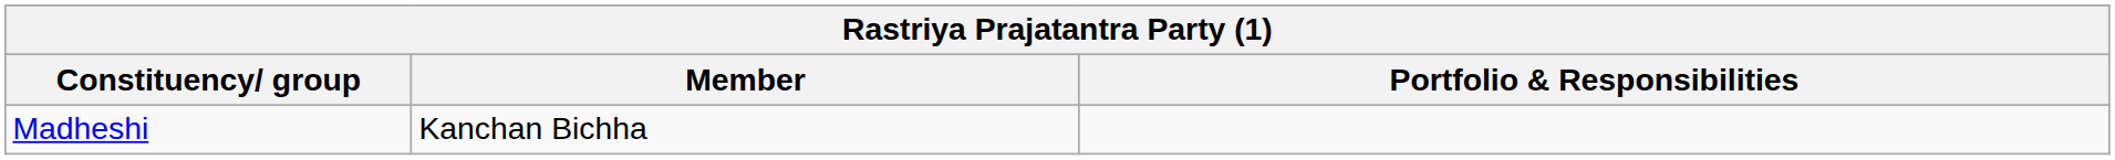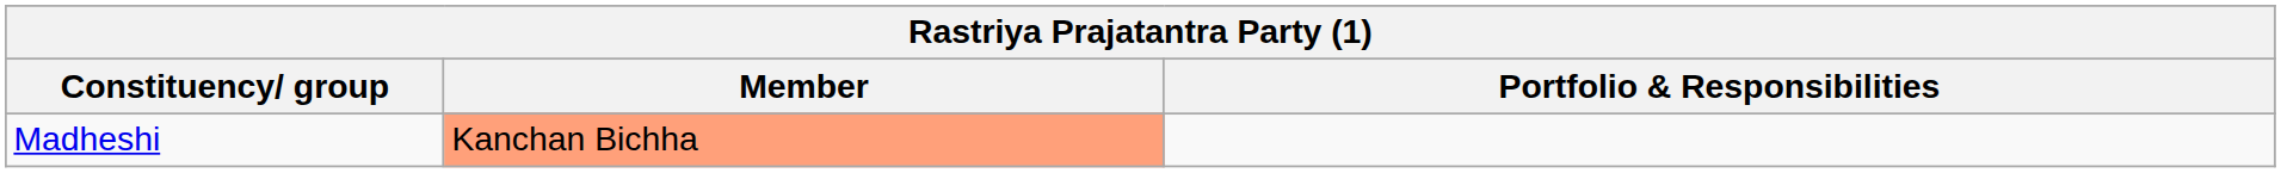 <table class="wikitable">
 <tr>
 <th colspan="3" style="width: 800pt; background:">Rastriya Prajatantra Party (1)</th>
 </tr>
 <tr>
 <th style="width:150pt;">Constituency/ group</th>
 <th style="width:250pt;">Member</th>
 <th>Portfolio & Responsibilities</th>
 </tr>
 <tr>
 <td><a href='#'>Madheshi</a></td>
-<td>Kanchan Bichha</td>
+<td style="background: lightsalmon;">Kanchan Bichha</td>
 <td></td>
 </tr>
 </table>
